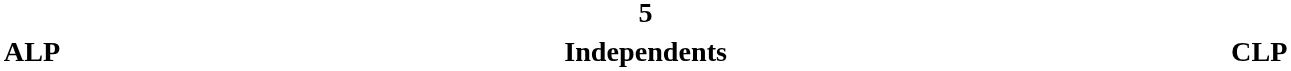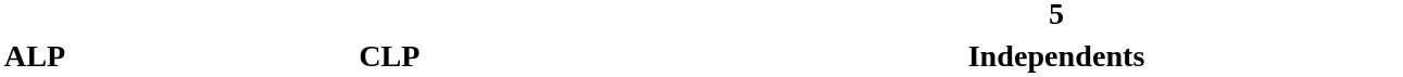 <table style="width:70%; text-align:center;">
 <tr style="color:white;">
 <td style="color:white; background:"><strong>18</strong></td>
+<td style="background:"><strong>2</strong></td>
 <td style="color:black; background:"><strong>5</strong></td>
-<td style="background:"><strong>2</strong></td>
 </tr>
 <tr>
 <td><span><strong>ALP</strong></span></td>
+<td><span><strong>CLP</strong></span></td>
 <td><span><strong>Independents</strong></span></td>
-<td><span><strong>CLP</strong></span></td>
 </tr>
 </table>
